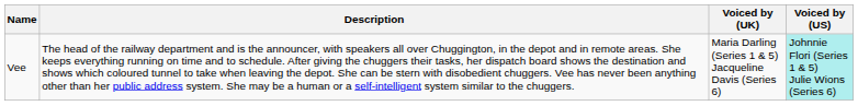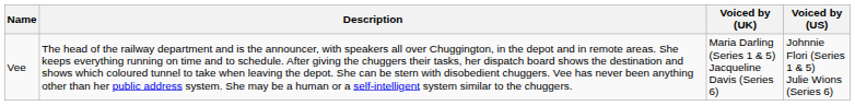 <table class="wikitable">
 <tr>
 <th>Name</th>
 <th>Description</th>
 <th>Voiced by (UK)</th>
 <th>Voiced by (US)</th>
 </tr>
 <tr>
 <td>Vee</td>
 <td>The head of the railway department and is the announcer, with speakers all over Chuggington, in the depot and in remote areas. She keeps everything running on time and to schedule. After giving the chuggers their tasks, her dispatch board shows the destination and shows which coloured tunnel to take when leaving the depot. She can be stern with disobedient chuggers. Vee has never been anything other than her <a href='#'>public address</a> system. She may be a human or a <a href='#'>self-intelligent</a> system similar to the chuggers.</td>
 <td>Maria Darling (Series 1 & 5)<br>Jacqueline Davis (Series 6)</td>
-<td style="background: paleturquoise;">Johnnie Flori (Series 1 & 5)<br>Julie Wions (Series 6)</td>
+<td>Johnnie Flori (Series 1 & 5)<br>Julie Wions (Series 6)</td>
 </tr>
 </table>
